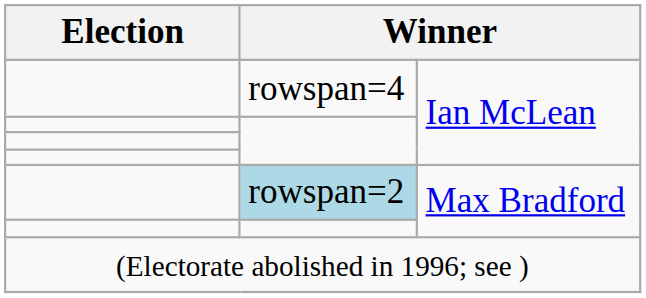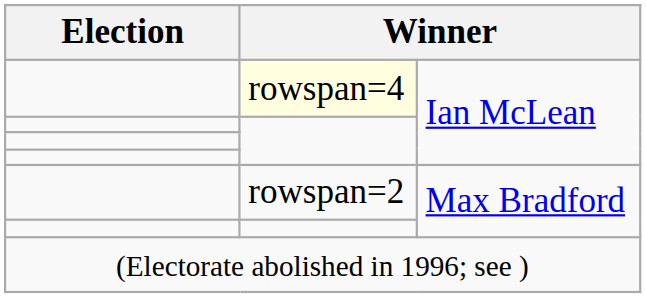 <table class=wikitable>
 <tr>
 <th width=100>Election</th>
 <th width=175 colspan=2>Winner</th>
 </tr>
 <tr>
 <td></td>
-<td>rowspan=4 </td>
+<td style="background: lightyellow;">rowspan=4 </td>
 <td rowspan=4><a href='#'>Ian McLean</a></td>
 </tr>
 <tr>
 <td></td>
 </tr>
 <tr>
 <td></td>
 </tr>
 <tr>
 <td></td>
 </tr>
 <tr>
 <td></td>
-<td style="background: lightblue;">rowspan=2 </td>
+<td>rowspan=2 </td>
 <td rowspan=2><a href='#'>Max Bradford</a></td>
 </tr>
 <tr>
 <td></td>
 </tr>
 <tr>
 <td colspan=3 align=center><small>(Electorate abolished in 1996; see )</small></td>
 </tr>
 </table>
